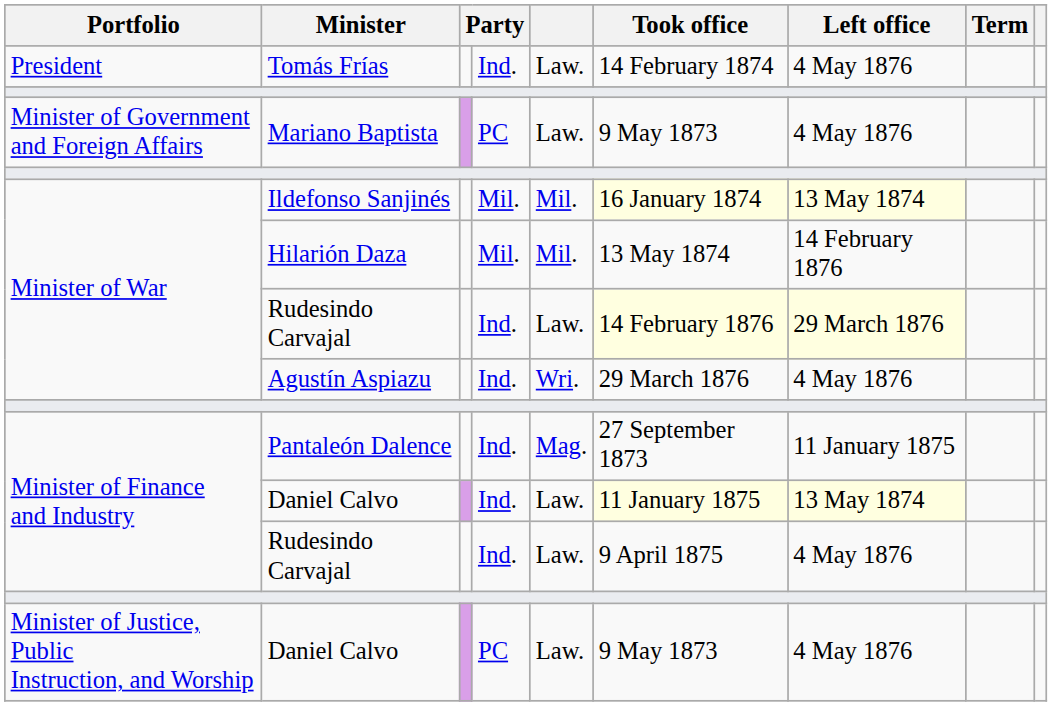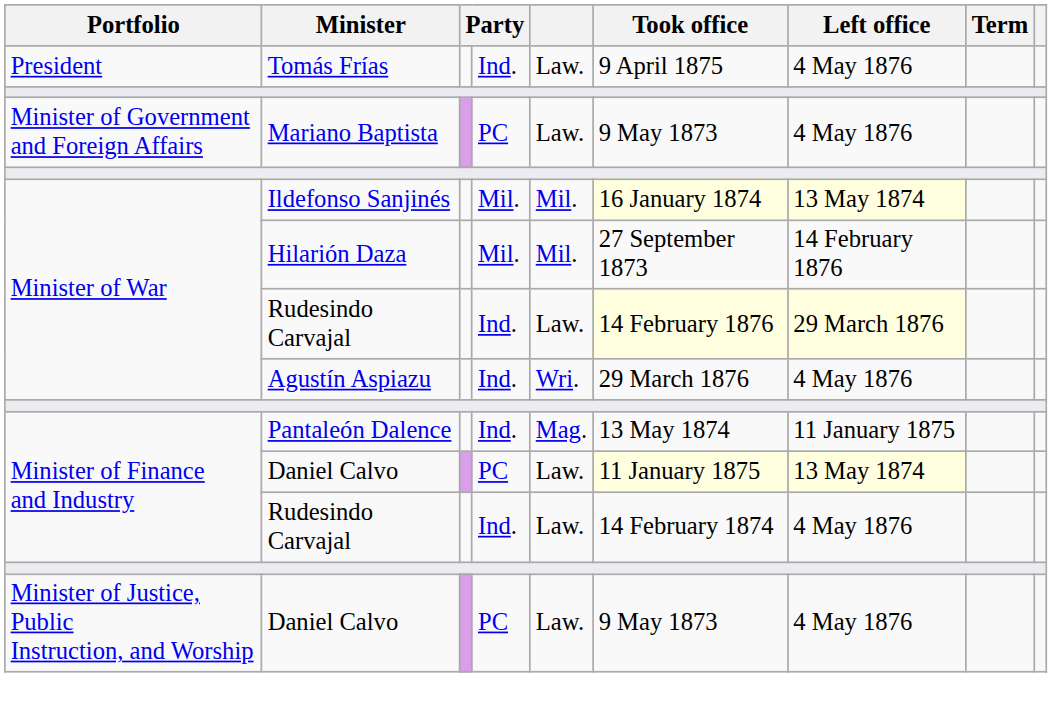 <table class="wikitable" style="font-size: 90%;">
 <tr>
 <th>Portfolio</th>
 <th>Minister</th>
 <th colspan="2">Party</th>
 <th></th>
 <th>Took office</th>
 <th>Left office</th>
 <th>Term</th>
 <th></th>
 </tr>
 <tr>
 <td><a href='#'>President</a></td>
 <td><a href='#'>Tomás Frías</a></td>
 <td style="background-color:"></td>
 <td><a href='#'>Ind</a>.</td>
 <td>Law.</td>
-<td>14 February 1874</td>
+<td>9 April 1875</td>
 <td>4 May 1876</td>
 <td></td>
 <td></td>
 </tr>
 <tr>
 <td colspan="9" bgcolor="#EAECF0"></td>
 </tr>
 <tr>
 <td><a href='#'>Minister of Government<br>and Foreign Affairs</a></td>
 <td><a href='#'>Mariano Baptista</a></td>
 <td style="background-color:#D99FE8;"></td>
 <td><a href='#'>PC</a></td>
 <td>Law.</td>
 <td>9 May 1873</td>
 <td>4 May 1876</td>
 <td></td>
 <td></td>
 </tr>
 <tr>
 <td colspan="9" bgcolor="#EAECF0"></td>
 </tr>
 <tr>
 <td rowspan=4><a href='#'>Minister of War</a></td>
 <td><a href='#'>Ildefonso Sanjinés</a></td>
 <td style="background-color:"></td>
 <td><a href='#'>Mil</a>.</td>
 <td><a href='#'>Mil</a>.</td>
 <td style="background-color:#FFFFE0;">16 January 1874</td>
 <td style="background-color:#FFFFE0;">13 May 1874</td>
 <td></td>
 <td></td>
 </tr>
 <tr>
 <td><a href='#'>Hilarión Daza</a></td>
 <td style="background-color:"></td>
 <td><a href='#'>Mil</a>.</td>
 <td><a href='#'>Mil</a>.</td>
-<td>13 May 1874</td>
+<td>27 September 1873</td>
 <td>14 February 1876</td>
 <td></td>
 <td></td>
 </tr>
 <tr>
 <td>Rudesindo Carvajal</td>
 <td style="background-color:"></td>
 <td><a href='#'>Ind</a>.</td>
 <td>Law.</td>
 <td style="background-color:#FFFFE0;">14 February 1876</td>
 <td style="background-color:#FFFFE0;">29 March 1876</td>
 <td></td>
 <td></td>
 </tr>
 <tr>
 <td><a href='#'>Agustín Aspiazu</a></td>
 <td style="background-color:"></td>
 <td><a href='#'>Ind</a>.</td>
 <td><a href='#'>Wri</a>.</td>
 <td>29 March 1876</td>
 <td>4 May 1876</td>
 <td></td>
 <td></td>
 </tr>
 <tr>
 <td colspan="9" bgcolor="#EAECF0"></td>
 </tr>
 <tr>
 <td rowspan=3><a href='#'>Minister of Finance<br>and Industry</a></td>
 <td><a href='#'>Pantaleón Dalence</a></td>
 <td style="background-color:"></td>
 <td><a href='#'>Ind</a>.</td>
 <td><a href='#'>Mag</a>.</td>
-<td>27 September 1873</td>
+<td>13 May 1874</td>
 <td>11 January 1875</td>
 <td></td>
 <td></td>
 </tr>
 <tr>
 <td>Daniel Calvo</td>
 <td style="background-color:#D99FE8;"></td>
-<td><a href='#'>Ind</a>.</td>
+<td><a href='#'>PC</a></td>
 <td>Law.</td>
 <td style="background-color:#FFFFE0;">11 January 1875</td>
 <td style="background-color:#FFFFE0;">13 May 1874</td>
 <td></td>
 <td></td>
 </tr>
 <tr>
 <td>Rudesindo Carvajal</td>
 <td style="background-color:"></td>
 <td><a href='#'>Ind</a>.</td>
 <td>Law.</td>
-<td>9 April 1875</td>
+<td>14 February 1874</td>
 <td>4 May 1876</td>
 <td></td>
 <td></td>
 </tr>
 <tr>
 <td colspan=9 bgcolor="#EAECF0"></td>
 </tr>
 <tr>
 <td><a href='#'>Minister of Justice, Public<br>Instruction, and Worship</a></td>
 <td>Daniel Calvo</td>
 <td style="background-color:#D99FE8;"></td>
 <td><a href='#'>PC</a></td>
 <td>Law.</td>
 <td>9 May 1873</td>
 <td>4 May 1876</td>
 <td></td>
 <td></td>
 </tr>
 </table>
